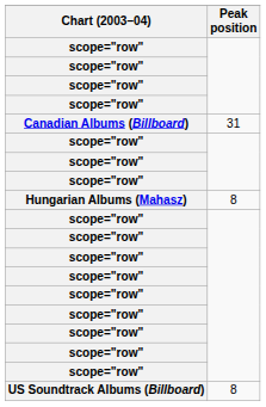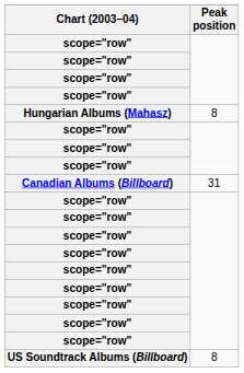 <table class="wikitable plainrowheaders sortable" style="text-align:center;">
 <tr>
 </tr>
 <tr>
 <th scope="col">Chart (2003–04)</th>
 <th scope="col">Peak<br>position</th>
 </tr>
 <tr>
 <th>scope="row" </th>
 </tr>
 <tr>
 <th>scope="row" </th>
 </tr>
 <tr>
 <th>scope="row" </th>
 </tr>
 <tr>
 <th>scope="row" </th>
 </tr>
 <tr>
-<th scope="row"><a href='#'>Canadian Albums</a> (<a href='#'><em>Billboard</em></a>)</th>
-<td>31</td>
+<th scope="row">Hungarian Albums (<a href='#'>Mahasz</a>)</th>
+<td style="text-align:center;">8</td>
 </tr>
 <tr>
 <th>scope="row" </th>
 </tr>
 <tr>
 <th>scope="row" </th>
 </tr>
 <tr>
 <th>scope="row" </th>
 </tr>
 <tr>
-<th scope="row">Hungarian Albums (<a href='#'>Mahasz</a>)</th>
-<td style="text-align:center;">8</td>
+<th scope="row"><a href='#'>Canadian Albums</a> (<a href='#'><em>Billboard</em></a>)</th>
+<td>31</td>
 </tr>
 <tr>
 <th>scope="row" </th>
 </tr>
 <tr>
 <th>scope="row" </th>
 </tr>
 <tr>
 <th>scope="row" </th>
 </tr>
 <tr>
 <th>scope="row" </th>
 </tr>
 <tr>
 <th>scope="row" </th>
 </tr>
 <tr>
 <th>scope="row" </th>
 </tr>
 <tr>
 <th>scope="row" </th>
 </tr>
 <tr>
 <th>scope="row" </th>
 </tr>
 <tr>
 <th>scope="row" </th>
 </tr>
 <tr>
 <th scope="row">US Soundtrack Albums (<em>Billboard</em>)</th>
 <td style="text-align:center;">8</td>
 </tr>
 </table>
